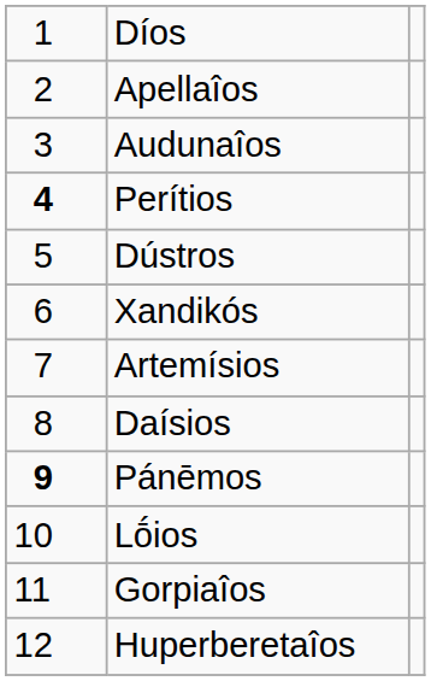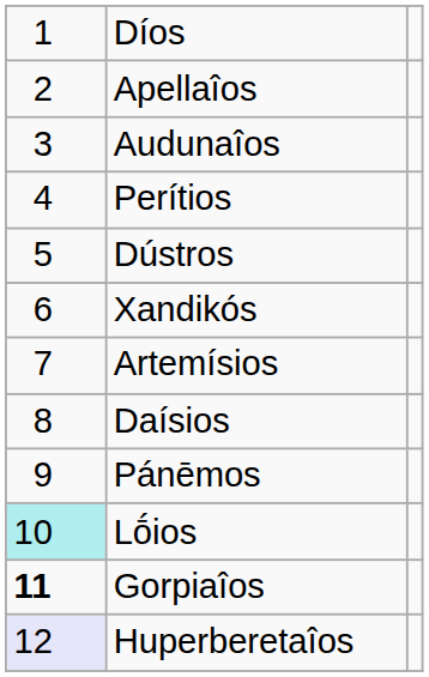 <table class="wikitable">
 <tr>
 <td>  1</td>
 <td>Díos</td>
 <td></td>
 </tr>
 <tr>
 <td>  2</td>
 <td>Apellaîos</td>
 <td></td>
 </tr>
 <tr>
 <td>  3</td>
 <td>Audunaîos </td>
 <td> </td>
 </tr>
 <tr>
-<td><strong>  4</strong></td>
+<td>  4</td>
 <td>Perítios</td>
 <td></td>
 </tr>
 <tr>
 <td>  5</td>
 <td>Dústros</td>
 <td></td>
 </tr>
 <tr>
 <td>  6</td>
 <td>Xandikós </td>
 <td> </td>
 </tr>
 <tr>
 <td>  7</td>
 <td>Artemísios </td>
 <td> </td>
 </tr>
 <tr>
 <td>  8</td>
 <td>Daísios</td>
 <td></td>
 </tr>
 <tr>
-<td><strong>  9</strong></td>
+<td>  9</td>
 <td>Pánēmos </td>
 <td> </td>
 </tr>
 <tr>
-<td>10</td>
+<td style="background: paleturquoise;">10</td>
 <td>Lṓios</td>
 <td></td>
 </tr>
 <tr>
-<td>11</td>
+<td><strong>11</strong></td>
 <td>Gorpiaîos</td>
 <td></td>
 </tr>
 <tr>
-<td>12  </td>
+<td style="background: lavender;">12  </td>
 <td>Huperberetaîos  </td>
 <td></td>
 </tr>
 </table>
